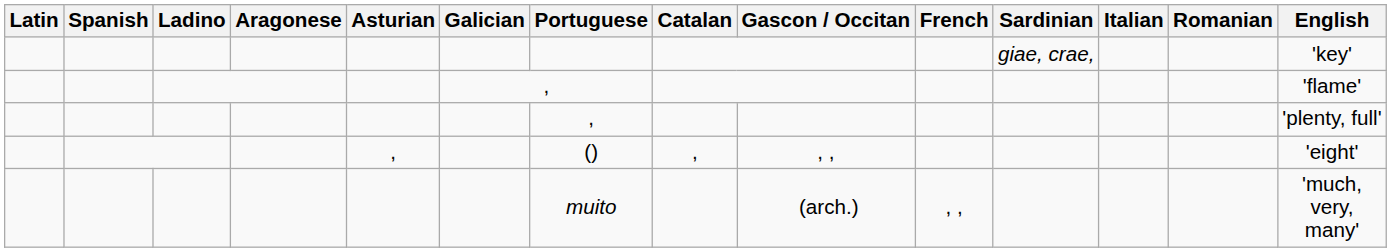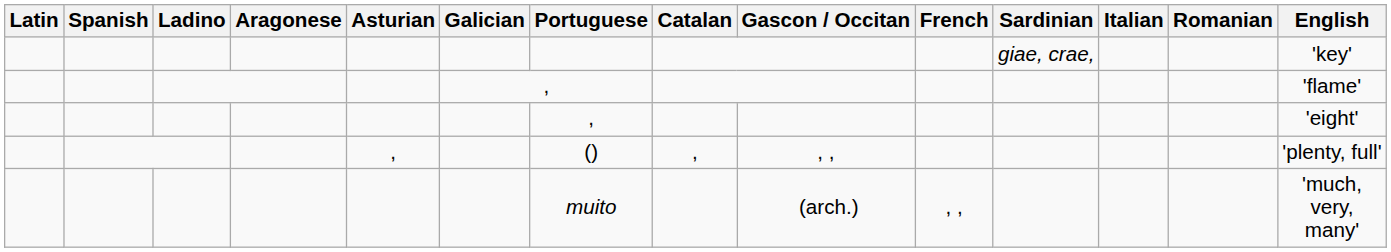 <table class="wikitable" style="text-align: center;">
 <tr>
 <th>Latin</th>
 <th>Spanish</th>
 <th>Ladino</th>
 <th>Aragonese</th>
 <th>Asturian</th>
 <th>Galician</th>
 <th>Portuguese</th>
 <th>Catalan</th>
 <th>Gascon / Occitan</th>
 <th>French</th>
 <th>Sardinian</th>
 <th>Italian</th>
 <th>Romanian</th>
 <th>English</th>
 </tr>
 <tr>
 <td></td>
 <td></td>
 <td></td>
 <td></td>
 <td></td>
 <td></td>
 <td></td>
 <td colspan="2"></td>
 <td></td>
 <td><em>giae, crae,</em> </td>
 <td></td>
 <td></td>
 <td>'key'</td>
 </tr>
 <tr>
 <td></td>
 <td></td>
 <td colspan="2"></td>
 <td></td>
 <td colspan="2">, </td>
 <td colspan="2"></td>
 <td></td>
 <td></td>
 <td></td>
 <td></td>
 <td>'flame'</td>
 </tr>
 <tr>
 <td></td>
 <td></td>
 <td></td>
 <td></td>
 <td></td>
 <td></td>
 <td>, </td>
 <td></td>
 <td></td>
 <td></td>
 <td></td>
 <td></td>
 <td></td>
-<td>'plenty, full'</td>
+<td>'eight'</td>
 </tr>
 <tr>
 <td></td>
 <td colspan="2"></td>
 <td></td>
 <td>, </td>
 <td></td>
 <td> ()</td>
 <td>, </td>
 <td>, , </td>
 <td></td>
 <td></td>
 <td></td>
 <td></td>
-<td>'eight'</td>
+<td>'plenty, full'</td>
 </tr>
 <tr>
 <td></td>
 <td><br></td>
 <td><br></td>
 <td><br></td>
 <td><br></td>
 <td><br></td>
 <td><em>muito</em></td>
 <td></td>
 <td> (arch.)</td>
 <td>, , </td>
 <td></td>
 <td></td>
 <td></td>
 <td>'much,<br>very,<br>many'</td>
 </tr>
 </table>
